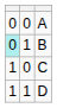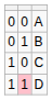 <table class="wikitable">
 <tr>
 <th></th>
 <th></th>
 <th></th>
 </tr>
 <tr>
 <td>0</td>
 <td>0</td>
 <td>A</td>
 </tr>
 <tr>
-<td style="background: paleturquoise;">0</td>
+<td>0</td>
 <td>1</td>
 <td>B</td>
 </tr>
 <tr>
 <td>1</td>
 <td>0</td>
 <td>C</td>
 </tr>
 <tr>
 <td>1</td>
-<td>1</td>
+<td style="background: pink;">1</td>
 <td>D</td>
 </tr>
 </table>
